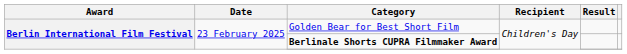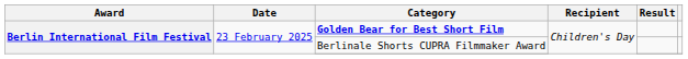 <table class="wikitable sortable plainrowheaders">
 <tr>
 <th>Award</th>
 <th>Date</th>
 <th>Category</th>
 <th>Recipient</th>
 <th>Result</th>
 <th></th>
 </tr>
 <tr>
 <th scope="row" rowspan=3><a href='#'>Berlin International Film Festival</a></th>
 <td rowspan=3><a href='#'>23 February 2025</a></td>
-<td><a href='#'>Golden Bear for Best Short Film</a></td>
+<td><strong><a href='#'>Golden Bear for Best Short Film</a></strong></td>
 <td rowspan="3"><em>Children's Day</em></td>
 <td></td>
 <td align="center" rowspan="1"></td>
 </tr>
 <tr>
-<td><strong>Berlinale Shorts CUPRA Filmmaker Award</strong></td>
+<td>Berlinale Shorts CUPRA Filmmaker Award</td>
 <td></td>
 <td align="center" rowspan="1"></td>
 </tr>
 <tr>
 </tr>
 </table>
